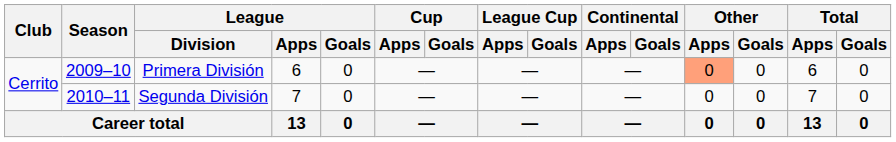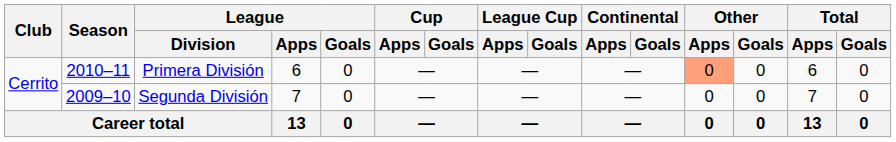 <table class="wikitable" style="text-align:center">
 <tr>
 <th rowspan="2">Club</th>
 <th rowspan="2">Season</th>
 <th colspan="3">League</th>
 <th colspan="2">Cup</th>
 <th colspan="2">League Cup</th>
 <th colspan="2">Continental</th>
 <th colspan="2">Other</th>
 <th colspan="2">Total</th>
 </tr>
 <tr>
 <th>Division</th>
 <th>Apps</th>
 <th>Goals</th>
 <th>Apps</th>
 <th>Goals</th>
 <th>Apps</th>
 <th>Goals</th>
 <th>Apps</th>
 <th>Goals</th>
 <th>Apps</th>
 <th>Goals</th>
 <th>Apps</th>
 <th>Goals</th>
 </tr>
 <tr>
 <td rowspan="2"><a href='#'>Cerrito</a></td>
-<td><a href='#'>2009–10</a></td>
+<td><a href='#'>2010–11</a></td>
 <td rowspan="1"><a href='#'>Primera División</a></td>
 <td>6</td>
 <td>0</td>
 <td colspan="2">—</td>
 <td colspan="2">—</td>
 <td colspan="2">—</td>
 <td style="background: lightsalmon;">0</td>
 <td>0</td>
 <td>6</td>
 <td>0</td>
 </tr>
 <tr>
-<td><a href='#'>2010–11</a></td>
+<td><a href='#'>2009–10</a></td>
 <td rowspan="1"><a href='#'>Segunda División</a></td>
 <td>7</td>
 <td>0</td>
 <td colspan="2">—</td>
 <td colspan="2">—</td>
 <td colspan="2">—</td>
 <td>0</td>
 <td>0</td>
 <td>7</td>
 <td>0</td>
 </tr>
 <tr>
 <th colspan="3">Career total</th>
 <th>13</th>
 <th>0</th>
 <th colspan="2">—</th>
 <th colspan="2">—</th>
 <th colspan="2">—</th>
 <th>0</th>
 <th>0</th>
 <th>13</th>
 <th>0</th>
 </tr>
 </table>
